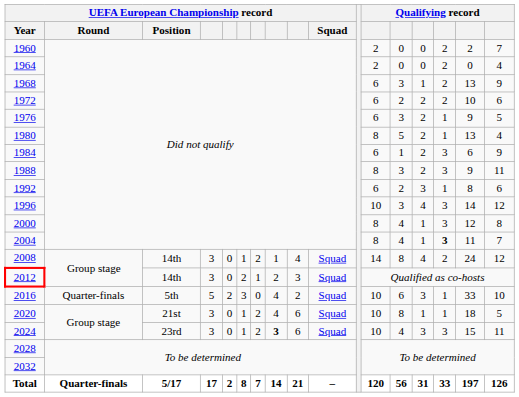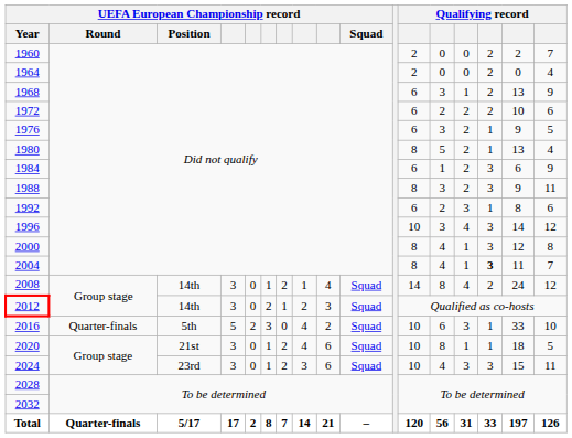 <table class="wikitable" style="text-align: center">
 <tr>
 <th colspan=10><a href='#'>UEFA European Championship</a> record</th>
 <th style="width:1%;" rowspan=25></th>
 <th colspan=6><a href='#'>Qualifying</a> record</th>
 </tr>
 <tr>
 <th>Year</th>
 <th>Round</th>
 <th>Position</th>
 <th></th>
 <th></th>
 <th></th>
 <th></th>
 <th></th>
 <th></th>
 <th>Squad</th>
 <th></th>
 <th></th>
 <th></th>
 <th></th>
 <th></th>
 <th></th>
 </tr>
 <tr>
 <td> <a href='#'>1960</a></td>
 <td rowspan=12 colspan=9><em>Did not qualify</em></td>
 <td>2</td>
 <td>0</td>
 <td>0</td>
 <td>2</td>
 <td>2</td>
 <td>7</td>
 </tr>
 <tr>
 <td> <a href='#'>1964</a></td>
 <td>2</td>
 <td>0</td>
 <td>0</td>
 <td>2</td>
 <td>0</td>
 <td>4</td>
 </tr>
 <tr>
 <td> <a href='#'>1968</a></td>
 <td>6</td>
 <td>3</td>
 <td>1</td>
 <td>2</td>
 <td>13</td>
 <td>9</td>
 </tr>
 <tr>
 <td> <a href='#'>1972</a></td>
 <td>6</td>
 <td>2</td>
 <td>2</td>
 <td>2</td>
 <td>10</td>
 <td>6</td>
 </tr>
 <tr>
 <td> <a href='#'>1976</a></td>
 <td>6</td>
 <td>3</td>
 <td>2</td>
 <td>1</td>
 <td>9</td>
 <td>5</td>
 </tr>
 <tr>
 <td> <a href='#'>1980</a></td>
 <td>8</td>
 <td>5</td>
 <td>2</td>
 <td>1</td>
 <td>13</td>
 <td>4</td>
 </tr>
 <tr>
 <td> <a href='#'>1984</a></td>
 <td>6</td>
 <td>1</td>
 <td>2</td>
 <td>3</td>
 <td>6</td>
 <td>9</td>
 </tr>
 <tr>
 <td> <a href='#'>1988</a></td>
 <td>8</td>
 <td>3</td>
 <td>2</td>
 <td>3</td>
 <td>9</td>
 <td>11</td>
 </tr>
 <tr>
 <td> <a href='#'>1992</a></td>
 <td>6</td>
 <td>2</td>
 <td>3</td>
 <td>1</td>
 <td>8</td>
 <td>6</td>
 </tr>
 <tr>
 <td> <a href='#'>1996</a></td>
 <td>10</td>
 <td>3</td>
 <td>4</td>
 <td>3</td>
 <td>14</td>
 <td>12</td>
 </tr>
 <tr>
 <td>  <a href='#'>2000</a></td>
 <td>8</td>
 <td>4</td>
 <td>1</td>
 <td>3</td>
 <td>12</td>
 <td>8</td>
 </tr>
 <tr>
 <td> <a href='#'>2004</a></td>
 <td>8</td>
 <td>4</td>
 <td>1</td>
 <td><strong>3</strong></td>
 <td>11</td>
 <td>7</td>
 </tr>
 <tr>
 <td>  <a href='#'>2008</a></td>
 <td rowspan=2>Group stage</td>
 <td>14th</td>
 <td>3</td>
 <td>0</td>
 <td>1</td>
 <td>2</td>
 <td>1</td>
 <td>4</td>
 <td><a href='#'>Squad</a></td>
 <td>14</td>
 <td>8</td>
 <td>4</td>
 <td>2</td>
 <td>24</td>
 <td>12</td>
 </tr>
 <tr>
 <td style="border: 3px solid red">  <a href='#'>2012</a></td>
 <td>14th</td>
 <td>3</td>
 <td>0</td>
 <td>2</td>
 <td>1</td>
 <td>2</td>
 <td>3</td>
 <td><a href='#'>Squad</a></td>
 <td colspan=6><em>Qualified as co-hosts</em></td>
 </tr>
 <tr>
 <td> <a href='#'>2016</a></td>
 <td>Quarter-finals</td>
 <td>5th</td>
 <td>5</td>
 <td>2</td>
 <td>3</td>
 <td>0</td>
 <td>4</td>
 <td>2</td>
 <td><a href='#'>Squad</a></td>
 <td>10</td>
 <td>6</td>
 <td>3</td>
 <td>1</td>
 <td>33</td>
 <td>10</td>
 </tr>
 <tr>
 <td> <a href='#'>2020</a></td>
 <td rowspan="2">Group stage</td>
 <td>21st</td>
 <td>3</td>
 <td>0</td>
 <td>1</td>
 <td>2</td>
 <td>4</td>
 <td>6</td>
 <td><a href='#'>Squad</a></td>
 <td>10</td>
 <td>8</td>
 <td>1</td>
 <td>1</td>
 <td>18</td>
 <td>5</td>
 </tr>
 <tr>
 <td> <a href='#'>2024</a></td>
 <td>23rd</td>
 <td>3</td>
 <td>0</td>
 <td>1</td>
 <td>2</td>
-<td><strong>3</strong></td>
+<td>3</td>
 <td>6</td>
 <td><a href='#'>Squad</a></td>
 <td>10</td>
 <td>4</td>
 <td>3</td>
 <td>3</td>
 <td>15</td>
 <td>11</td>
 </tr>
 <tr>
 <td>  <a href='#'>2028</a></td>
 <td colspan=10 rowspan=2><em>To be determined</em></td>
 <td colspan=11 rowspan=2><em>To be determined</em></td>
 </tr>
 <tr>
 <td>  <a href='#'>2032</a></td>
 </tr>
 <tr>
 <th style="background: white; color: #000000;">Total</th>
 <th style="background: white; color: #000000;">Quarter-finals</th>
 <th style="background: white; color: #000000;">5/17</th>
 <th style="background: white; color: #000000;">17</th>
 <th style="background: white; color: #000000;">2</th>
 <th style="background: white; color: #000000;">8</th>
 <th style="background: white; color: #000000;">7</th>
 <th style="background: white; color: #000000;">14</th>
 <th style="background: white; color: #000000;">21</th>
 <th style="background: white; color: #000000;">–</th>
 <th style="background: white; color: #000000;">120</th>
 <th style="background: white; color: #000000;">56</th>
 <th style="background: white; color: #000000;">31</th>
 <th style="background: white; color: #000000;">33</th>
 <th style="background: white; color: #000000;">197</th>
 <th style="background: white; color: #000000;">126</th>
 </tr>
 </table>
